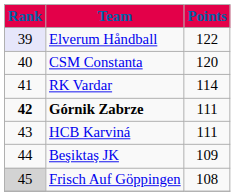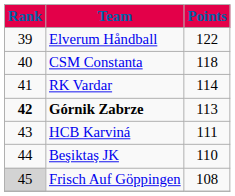 <table class="wikitable" style="text-align: center">
 <tr>
 <th style="color:#0061A9; background:#E30049">Rank</th>
 <th style="color:#0061A9; background:#E30049">Team</th>
 <th style="color:#0061A9; background:#E30049">Points</th>
 </tr>
 <tr>
-<td style="background: lavender;">39</td>
+<td>39</td>
 <td align=left> <a href='#'>Elverum Håndball</a></td>
 <td>122</td>
 </tr>
 <tr>
 <td>40</td>
 <td align=left> <a href='#'>CSM Constanta</a></td>
-<td>120</td>
+<td>118</td>
 </tr>
 <tr>
 <td>41</td>
 <td align=left> <a href='#'>RK Vardar</a></td>
 <td>114</td>
 </tr>
 <tr>
 <td><strong>42</strong></td>
 <td align=left> <strong>Górnik Zabrze</strong></td>
-<td>111</td>
+<td>113</td>
 </tr>
 <tr>
 <td>43</td>
 <td align=left> <a href='#'>HCB Karviná</a></td>
 <td>111</td>
 </tr>
 <tr>
 <td>44</td>
 <td align=left> <a href='#'>Beşiktaş JK</a></td>
-<td>109</td>
+<td>110</td>
 </tr>
 <tr>
 <td style="background: lightgrey;">45</td>
 <td align=left> <a href='#'>Frisch Auf Göppingen</a></td>
 <td>108</td>
 </tr>
 <tr>
 </tr>
 </table>
